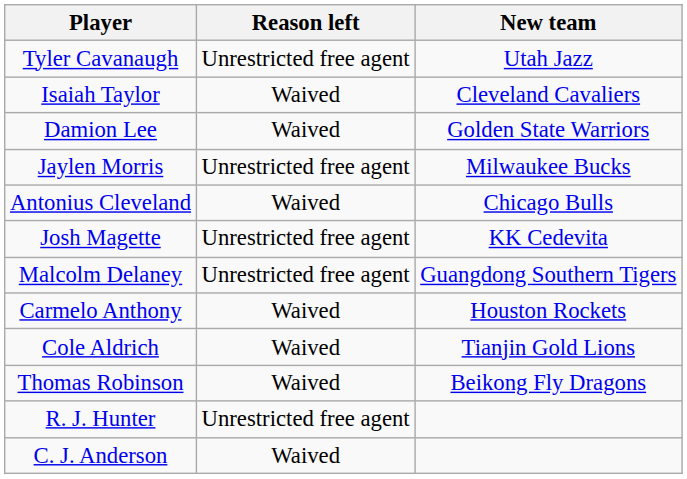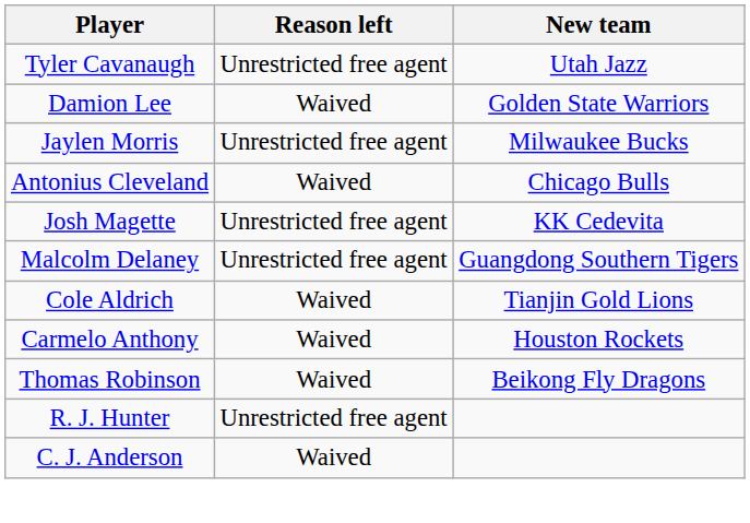 <table class="wikitable sortable sortable" style="text-align: center">
 <tr>
 <th>Player</th>
 <th>Reason left</th>
 <th>New team</th>
 </tr>
 <tr style="text-align: center">
 <td><a href='#'>Tyler Cavanaugh</a></td>
 <td>Unrestricted free agent</td>
 <td><a href='#'>Utah Jazz</a></td>
-</tr>
-<tr style="text-align: center">
-<td><a href='#'>Isaiah Taylor</a></td>
-<td>Waived</td>
-<td><a href='#'>Cleveland Cavaliers</a></td>
 </tr>
 <tr style="text-align: center">
 <td><a href='#'>Damion Lee</a></td>
 <td>Waived</td>
 <td><a href='#'>Golden State Warriors</a></td>
 </tr>
 <tr style="text-align: center">
 <td><a href='#'>Jaylen Morris</a></td>
 <td>Unrestricted free agent</td>
 <td><a href='#'>Milwaukee Bucks</a></td>
 </tr>
 <tr>
 <td><a href='#'>Antonius Cleveland</a></td>
 <td>Waived</td>
 <td><a href='#'>Chicago Bulls</a></td>
 </tr>
 <tr style="text-align: center">
 <td><a href='#'>Josh Magette</a></td>
 <td>Unrestricted free agent</td>
 <td> <a href='#'>KK Cedevita</a></td>
 </tr>
 <tr style="text-align: center">
 <td><a href='#'>Malcolm Delaney</a></td>
 <td>Unrestricted free agent</td>
 <td> <a href='#'>Guangdong Southern Tigers</a></td>
 </tr>
 <tr style="text-align: center">
+<td><a href='#'>Cole Aldrich</a></td>
+<td>Waived</td>
+<td> <a href='#'>Tianjin Gold Lions</a></td>
+</tr>
+<tr style="text-align: center">
 <td><a href='#'>Carmelo Anthony</a></td>
 <td>Waived</td>
 <td><a href='#'>Houston Rockets</a></td>
-</tr>
-<tr style="text-align: center">
-<td><a href='#'>Cole Aldrich</a></td>
-<td>Waived</td>
-<td> <a href='#'>Tianjin Gold Lions</a></td>
 </tr>
 <tr style="text-align: center">
 <td><a href='#'>Thomas Robinson</a></td>
 <td>Waived</td>
 <td> <a href='#'>Beikong Fly Dragons</a></td>
 </tr>
 <tr style="text-align: center">
 <td><a href='#'>R. J. Hunter</a></td>
 <td>Unrestricted free agent</td>
 <td></td>
 </tr>
 <tr style="text-align: center">
 <td><a href='#'>C. J. Anderson</a></td>
 <td>Waived</td>
 <td></td>
 </tr>
 </table>
